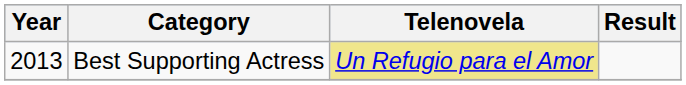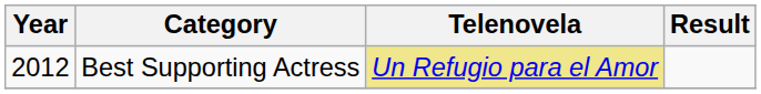 <table class="wikitable">
 <tr style="background:#b0c4de;">
 <th>Year</th>
 <th>Category</th>
 <th>Telenovela</th>
 <th>Result</th>
 </tr>
 <tr>
-<td>2013</td>
+<td>2012</td>
 <td>Best Supporting Actress</td>
 <td style="background: khaki;"><em><a href='#'>Un Refugio para el Amor</a></em></td>
 <td></td>
 </tr>
 <tr>
 </tr>
 </table>
